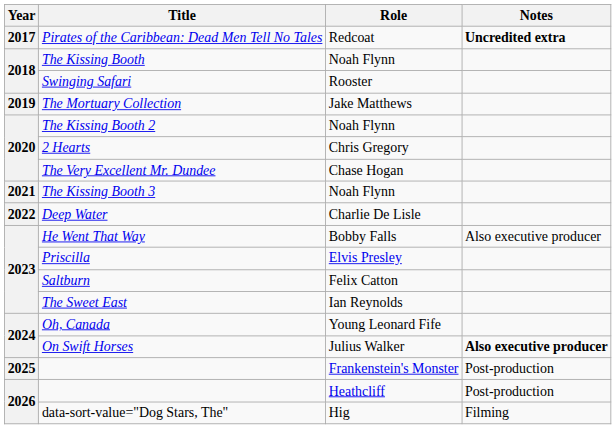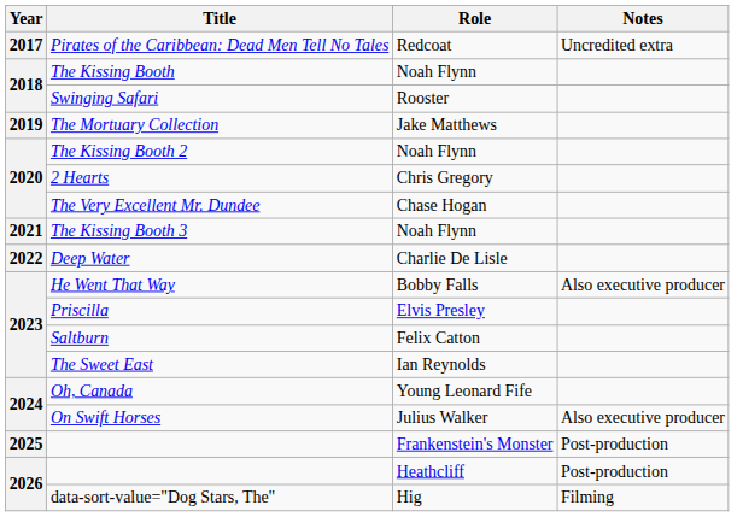 <table class="wikitable plainrowheaders sortable">
 <tr>
 <th scope="col">Year</th>
 <th scope="col">Title</th>
 <th scope="col">Role</th>
 <th scope="col" class="unsortable">Notes</th>
 </tr>
 <tr>
 <th scope="row">2017</th>
 <td data-sort-value="Dead Men Tell No Tales, Pirates of the Caribbean:"><em><a href='#'>Pirates of the Caribbean: Dead Men Tell No Tales</a></em></td>
 <td>Redcoat</td>
-<td><strong>Uncredited extra</strong></td>
+<td>Uncredited extra</td>
 </tr>
 <tr>
 <th scope="row" rowspan="2">2018</th>
 <td data-sort-value="Kissing Booth 1, The"><em><a href='#'>The Kissing Booth</a></em></td>
 <td>Noah Flynn</td>
 <td></td>
 </tr>
 <tr>
 <td><em><a href='#'>Swinging Safari</a></em></td>
 <td>Rooster</td>
 <td></td>
 </tr>
 <tr>
 <th scope="row">2019</th>
 <td data-sort-value="Mortuary Collection, The"><em><a href='#'>The Mortuary Collection</a></em></td>
 <td>Jake Matthews</td>
 <td></td>
 </tr>
 <tr>
 <th scope="row" rowspan="3">2020</th>
 <td data-sort-value="Kissing Booth 2, The"><em><a href='#'>The Kissing Booth 2</a></em></td>
 <td>Noah Flynn</td>
 <td></td>
 </tr>
 <tr>
 <td data-sort-value="Two Hearts, The"><em><a href='#'>2 Hearts</a></em></td>
 <td>Chris Gregory</td>
 <td></td>
 </tr>
 <tr>
 <td data-sort-value="Very Excellent Mr. Dundee, The"><em><a href='#'>The Very Excellent Mr. Dundee</a></em></td>
 <td>Chase Hogan</td>
 <td></td>
 </tr>
 <tr>
 <th scope="row">2021</th>
 <td data-sort-value="Kissing Booth 3, The"><em><a href='#'>The Kissing Booth 3</a></em></td>
 <td>Noah Flynn</td>
 <td></td>
 </tr>
 <tr>
 <th scope="row">2022</th>
 <td><em><a href='#'>Deep Water</a></em></td>
 <td>Charlie De Lisle</td>
 <td></td>
 </tr>
 <tr>
 <th scope="row" rowspan="4">2023</th>
 <td><em><a href='#'>He Went That Way</a></em></td>
 <td>Bobby Falls</td>
 <td>Also executive producer</td>
 </tr>
 <tr>
 <td><em><a href='#'>Priscilla</a></em></td>
 <td><a href='#'>Elvis Presley</a></td>
 <td></td>
 </tr>
 <tr>
 <td><em><a href='#'>Saltburn</a></em></td>
 <td>Felix Catton</td>
 <td></td>
 </tr>
 <tr>
 <td data-sort-value="Sweet East, The"><em><a href='#'>The Sweet East</a></em></td>
 <td>Ian Reynolds</td>
 <td></td>
 </tr>
 <tr>
 <th rowspan="2" scope="row">2024</th>
 <td><em><a href='#'>Oh, Canada</a></em></td>
 <td>Young Leonard Fife</td>
 <td></td>
 </tr>
 <tr>
 <td><em><a href='#'>On Swift Horses</a></em></td>
 <td>Julius Walker</td>
-<td><strong>Also executive producer</strong></td>
+<td>Also executive producer</td>
 </tr>
 <tr>
 <th scope="row">2025</th>
 <td></td>
 <td><a href='#'>Frankenstein's Monster</a></td>
 <td>Post-production</td>
 </tr>
 <tr>
 <th rowspan="2" scope="row">2026</th>
 <td></td>
 <td><a href='#'>Heathcliff</a></td>
 <td>Post-production</td>
 </tr>
 <tr>
 <td>data-sort-value="Dog Stars, The" </td>
 <td>Hig</td>
 <td>Filming</td>
 </tr>
 </table>
